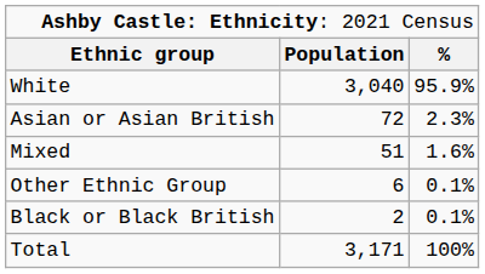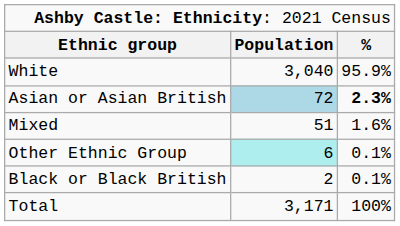 <table class="wikitable">
 <tr>
 <td colspan="14" style="text-align:right;"><strong>Ashby Castle: Ethnicity</strong>: 2021 Census</td>
 </tr>
 <tr>
 <th>Ethnic group</th>
 <th>Population</th>
 <th>%</th>
 </tr>
 <tr>
 <td>White</td>
 <td style="text-align:right;">3,040</td>
 <td style="text-align:right;">95.9%</td>
 </tr>
 <tr>
 <td>Asian or Asian British</td>
-<td style="text-align:right;">72</td>
-<td style="text-align:right;">2.3%</td>
+<td style="background: lightblue; text-align:right;">72</td>
+<td style="text-align:right;"><strong>2.3%</strong></td>
 </tr>
 <tr>
 <td>Mixed</td>
 <td style="text-align:right;">51</td>
 <td style="text-align:right;">1.6%</td>
 </tr>
 <tr>
 <td>Other Ethnic Group</td>
-<td style="text-align:right;">6</td>
+<td style="background: paleturquoise; text-align:right;">6</td>
 <td style="text-align:right;">0.1%</td>
 </tr>
 <tr>
 <td>Black or Black British</td>
 <td style="text-align:right;">2</td>
 <td style="text-align:right;">0.1%</td>
 </tr>
 <tr>
 <td>Total</td>
 <td style="text-align:right;">3,171</td>
 <td style="text-align:right;">100%</td>
 </tr>
 </table>
